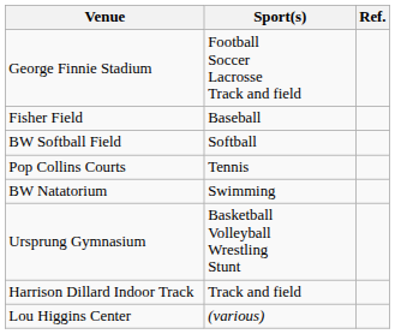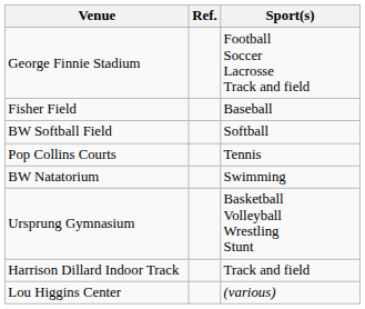 <table class="wikitable"; style= "text-align: ">
 <tr>
 <th width=200px>Venue</th>
+<th width=px>Ref.</th>
 <th width=150px>Sport(s)</th>
-<th width=px>Ref.</th>
 </tr>
 <tr>
 <td>George Finnie Stadium</td>
+<td></td>
 <td>Football <br> Soccer <br> Lacrosse <br> Track and field</td>
-<td></td>
 </tr>
 <tr>
 <td>Fisher Field</td>
+<td></td>
 <td>Baseball</td>
-<td></td>
 </tr>
 <tr>
 <td>BW Softball Field</td>
+<td></td>
 <td>Softball</td>
-<td></td>
 </tr>
 <tr>
 <td>Pop Collins Courts</td>
+<td></td>
 <td>Tennis</td>
-<td></td>
 </tr>
 <tr>
 <td>BW Natatorium</td>
+<td></td>
 <td>Swimming</td>
-<td></td>
 </tr>
 <tr>
 <td>Ursprung Gymnasium</td>
+<td></td>
 <td>Basketball <br> Volleyball <br> Wrestling <br> Stunt</td>
-<td></td>
 </tr>
 <tr>
 <td>Harrison Dillard Indoor Track</td>
+<td></td>
 <td>Track and field </td>
-<td></td>
 </tr>
 <tr>
 <td>Lou Higgins Center</td>
+<td></td>
 <td><em>(various)</em> </td>
-<td></td>
 </tr>
 </table>
